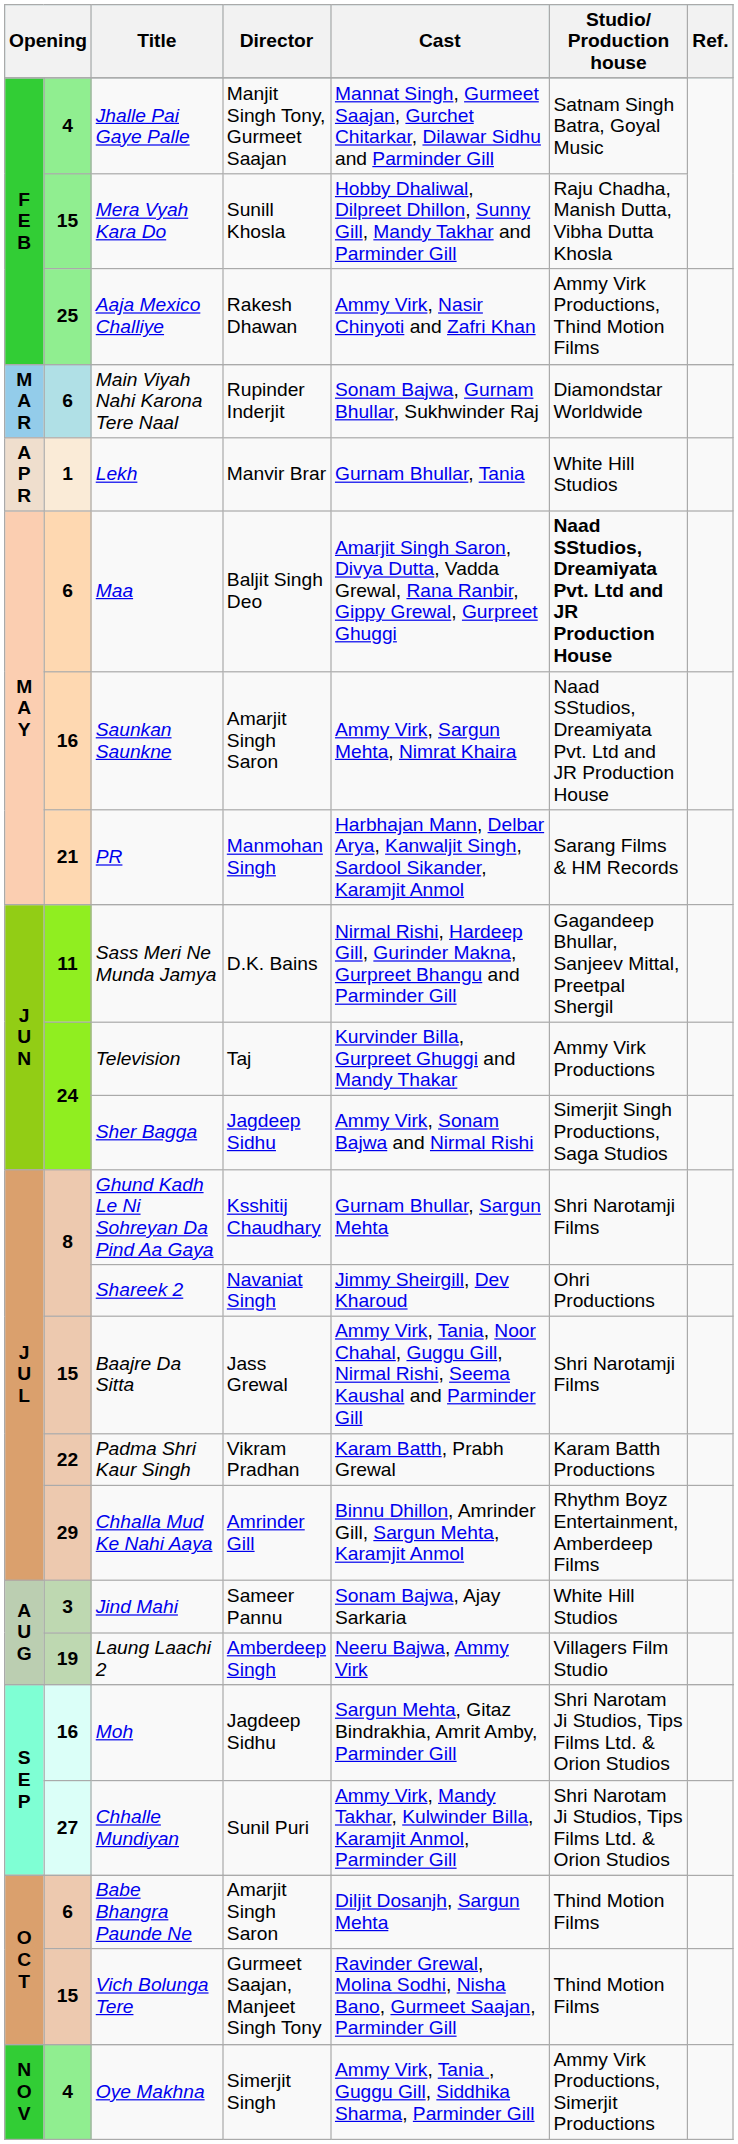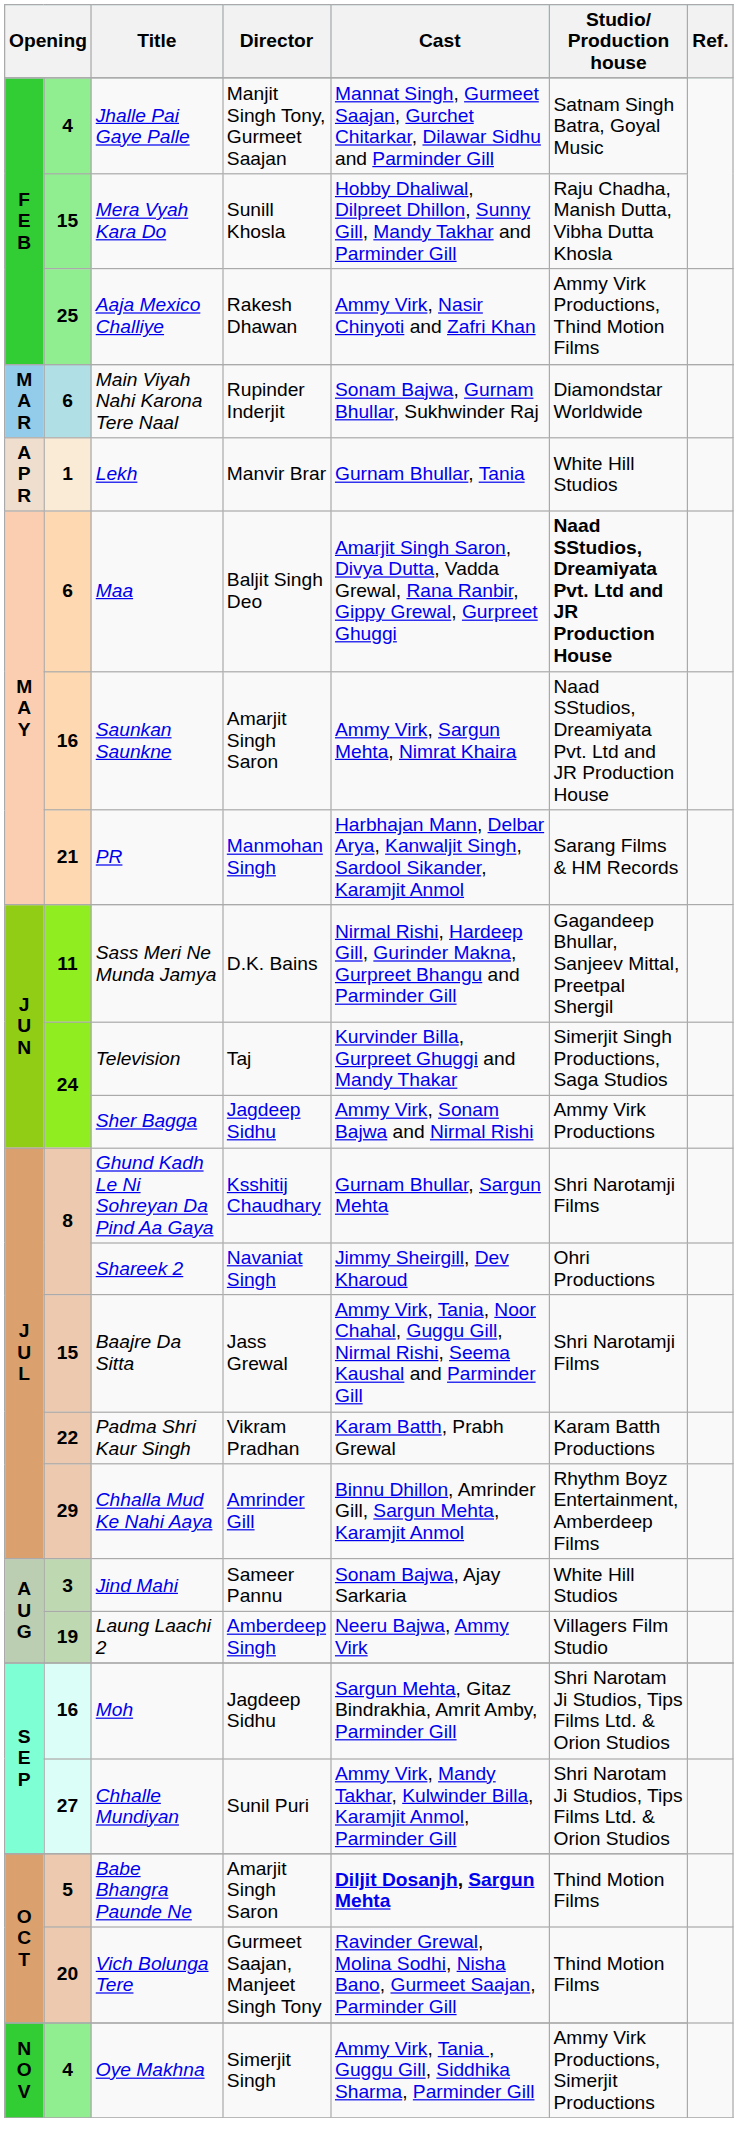 <table class="wikitable">
 <tr style="background:#b0e0e6; text-align:center;">
 <th colspan="2" style="width:6%;"><strong>Opening</strong></th>
 <th style="width:18%;"><strong>Title</strong></th>
 <th style="width:10.5%;"><strong>Director</strong></th>
 <th style="width:30%;"><strong>Cast</strong></th>
 <th>Studio/ Production house</th>
 <th>Ref.</th>
 </tr>
 <tr January>
 </tr>
 <tr>
 </tr>
 <tr February>
 <td rowspan="3" style="text-align:center; background:#32CD35; textcolor:#000;"><strong>F<br>E<br>B</strong></td>
 <td rowspan="1" style="text-align:center;background:#90EE90;"><strong>4</strong></td>
 <td><em><a href='#'>Jhalle Pai Gaye Palle</a></em></td>
 <td>Manjit Singh Tony, Gurmeet Saajan</td>
 <td><a href='#'>Mannat Singh</a>, <a href='#'>Gurmeet Saajan</a>, <a href='#'>Gurchet Chitarkar</a>, <a href='#'>Dilawar Sidhu</a> and <a href='#'>Parminder Gill</a></td>
 <td>Satnam Singh Batra, Goyal Music</td>
 </tr>
 <tr>
 <td rowspan="1" style="text-align:center;background:#90EE90;"><strong>15</strong></td>
 <td><em><a href='#'>Mera Vyah Kara Do </a></em></td>
 <td>Sunill Khosla</td>
 <td><a href='#'>Hobby Dhaliwal</a>, <a href='#'>Dilpreet Dhillon</a>, <a href='#'>Sunny Gill</a>, <a href='#'>Mandy Takhar</a> and <a href='#'>Parminder Gill</a></td>
 <td>Raju Chadha, Manish Dutta, Vibha Dutta Khosla</td>
 </tr>
 <tr>
 <td rowspan="1" style="text-align:center;background:#90EE90;"><strong>25</strong></td>
 <td><em><a href='#'>Aaja Mexico Challiye</a></em></td>
 <td>Rakesh Dhawan</td>
 <td><a href='#'>Ammy Virk</a>, <a href='#'>Nasir Chinyoti</a> and <a href='#'>Zafri Khan</a></td>
 <td>Ammy Virk Productions, Thind Motion Films</td>
 <td></td>
 </tr>
 <tr>
 </tr>
 <tr March>
 <td rowspan="1" style="text-align:center; background:#93CCEA; textcolor:#000;"><strong>M<br>A<br>R</strong></td>
 <td rowspan="1" style="text-align:center;background:#B0E0E6;"><strong>6</strong></td>
 <td><em>Main Viyah Nahi Karona Tere Naal</em></td>
 <td>Rupinder Inderjit</td>
 <td><a href='#'>Sonam Bajwa</a>, <a href='#'>Gurnam Bhullar</a>, Sukhwinder Raj</td>
 <td>Diamondstar Worldwide</td>
 <td></td>
 </tr>
 <tr April!>
 <td rowspan="1" style="text-align:center; background:#EFDECD; textcolor:#000;"><strong>A<br>P<br>R</strong></td>
 <td rowspan="1" style="text-align:center;background:#FAEBD7;"><strong>1</strong></td>
 <td><em><a href='#'>Lekh</a></em></td>
 <td>Manvir Brar</td>
 <td><a href='#'>Gurnam Bhullar</a>, <a href='#'>Tania</a></td>
 <td>White Hill Studios</td>
 <td></td>
 </tr>
 <tr May>
 <td rowspan="3" style="text-align:center; background:#FBCEB1; textcolor:#000;"><strong>M<br>A<br>Y</strong></td>
 <td rowspan="1" style="text-align:center;background:#FED8B1;"><strong>6</strong></td>
 <td><em><a href='#'>Maa</a></em></td>
 <td>Baljit Singh Deo</td>
 <td><a href='#'>Amarjit Singh Saron</a>, <a href='#'>Divya Dutta</a>, Vadda Grewal, <a href='#'>Rana Ranbir</a>, <a href='#'>Gippy Grewal</a>, <a href='#'>Gurpreet Ghuggi</a></td>
 <td><strong>Naad SStudios, Dreamiyata Pvt. Ltd and JR Production House</strong></td>
 <td></td>
 </tr>
 <tr>
 <td rowspan="1" style="text-align:center;background:#FED8B1;"><strong>16</strong></td>
 <td><em><a href='#'>Saunkan Saunkne</a></em></td>
 <td>Amarjit Singh Saron</td>
 <td><a href='#'>Ammy Virk</a>, <a href='#'>Sargun Mehta</a>, <a href='#'>Nimrat Khaira</a></td>
 <td>Naad SStudios, Dreamiyata Pvt. Ltd and JR Production House</td>
 <td></td>
 </tr>
 <tr>
 <td rowspan="1" style="text-align:center;background:#FED8B1;"><strong>21</strong></td>
 <td><em><a href='#'>PR</a></em></td>
 <td><a href='#'>Manmohan Singh</a></td>
 <td><a href='#'>Harbhajan Mann</a>, <a href='#'>Delbar Arya</a>, <a href='#'>Kanwaljit Singh</a>, <a href='#'>Sardool Sikander</a>, <a href='#'>Karamjit Anmol</a></td>
 <td>Sarang Films & HM Records</td>
 <td></td>
 </tr>
 <tr June>
 <td rowspan="4" style="text-align:center; background:#92CD15; textcolor:#000;"><strong>J<br>U<br>N</strong></td>
 </tr>
 <tr>
 <td rowspan="1" style="text-align:center;background:#90EE20;"><strong>11</strong></td>
 <td><em>Sass Meri Ne Munda Jamya</em></td>
 <td>D.K. Bains</td>
 <td><a href='#'>Nirmal Rishi</a>, <a href='#'>Hardeep Gill</a>, <a href='#'>Gurinder Makna</a>, <a href='#'>Gurpreet Bhangu</a> and <a href='#'>Parminder Gill</a></td>
 <td>Gagandeep Bhullar, Sanjeev Mittal, Preetpal Shergil</td>
 </tr>
 <tr>
 <td rowspan="2" style="text-align:center;background:#90EE20;"><strong>24</strong></td>
 <td><em>Television</em></td>
 <td>Taj</td>
 <td><a href='#'>Kurvinder Billa</a>, <a href='#'>Gurpreet Ghuggi</a> and <a href='#'>Mandy Thakar</a></td>
-<td>Ammy Virk Productions</td>
+<td>Simerjit Singh Productions, Saga Studios</td>
 <td></td>
 </tr>
 <tr>
 <td><em><a href='#'>Sher Bagga</a></em></td>
 <td><a href='#'>Jagdeep Sidhu</a></td>
 <td><a href='#'>Ammy Virk</a>, <a href='#'>Sonam Bajwa</a> and <a href='#'>Nirmal Rishi</a></td>
-<td>Simerjit Singh Productions, Saga Studios</td>
+<td>Ammy Virk Productions</td>
 <td></td>
 </tr>
 <tr July>
 <td rowspan="5" style="text-align:center; background:#DAA06D; textcolor:#000;"><strong>J<br>U<br>L</strong></td>
 <td rowspan="2" style="text-align:center;background:#EDC9AF;"><strong>8</strong></td>
 <td><em><a href='#'>Ghund Kadh Le Ni Sohreyan Da Pind Aa Gaya</a></em></td>
 <td><a href='#'>Ksshitij Chaudhary</a></td>
 <td><a href='#'>Gurnam Bhullar</a>, <a href='#'>Sargun Mehta</a></td>
 <td>Shri Narotamji Films</td>
 <td></td>
 </tr>
 <tr>
 <td><em><a href='#'>Shareek 2</a></em></td>
 <td><a href='#'>Navaniat Singh</a></td>
 <td><a href='#'>Jimmy Sheirgill</a>, <a href='#'>Dev Kharoud</a></td>
 <td>Ohri Productions</td>
 <td></td>
 </tr>
 <tr>
 <td rowspan="1" style="text-align:center;background:#EDC9AF;"><strong>15</strong></td>
 <td><em>Baajre Da Sitta</em></td>
 <td>Jass Grewal</td>
 <td><a href='#'>Ammy Virk</a>, <a href='#'>Tania</a>, <a href='#'>Noor Chahal</a>, <a href='#'>Guggu Gill</a>, <a href='#'>Nirmal Rishi</a>, <a href='#'>Seema Kaushal</a> and <a href='#'>Parminder Gill</a></td>
 <td>Shri Narotamji Films</td>
 <td></td>
 </tr>
 <tr>
 <td rowspan="1" style="text-align:center;background:#EDC9AF;"><strong>22</strong></td>
 <td><em>Padma Shri Kaur Singh</em></td>
 <td>Vikram Pradhan</td>
 <td><a href='#'>Karam Batth</a>, Prabh Grewal</td>
 <td>Karam Batth Productions</td>
 <td></td>
 </tr>
 <tr>
 <td rowspan="1" style="text-align:center;background:#EDC9AF;"><strong>29</strong></td>
 <td><em><a href='#'>Chhalla Mud Ke Nahi Aaya</a></em></td>
 <td><a href='#'>Amrinder Gill</a></td>
 <td><a href='#'>Binnu Dhillon</a>, Amrinder Gill, <a href='#'>Sargun Mehta</a>, <a href='#'>Karamjit Anmol</a></td>
 <td>Rhythm Boyz Entertainment, Amberdeep Films</td>
 <td></td>
 </tr>
 <tr August>
 <td rowspan="2" style="text-align:center; background:#BBCEB1; textcolor:#000;"><strong>A<br>U<br>G</strong></td>
 <td rowspan="1" style="text-align:center;background:#BED8B1;"><strong>3</strong></td>
 <td><em><a href='#'>Jind Mahi</a></em></td>
 <td>Sameer Pannu</td>
 <td><a href='#'>Sonam Bajwa</a>, Ajay Sarkaria</td>
 <td>White Hill Studios</td>
 <td></td>
 </tr>
 <tr>
 <td rowspan="1" style="text-align:center;background:#BED8B1;"><strong>19</strong></td>
 <td><em>Laung Laachi 2</em></td>
 <td><a href='#'>Amberdeep Singh</a></td>
 <td><a href='#'>Neeru Bajwa</a>, <a href='#'>Ammy Virk</a></td>
 <td>Villagers Film Studio</td>
 <td></td>
 </tr>
 <tr>
 </tr>
 <tr September>
 <td rowspan="2" style="text-align:center; background:#7FFFD4; textcolor:#000;"><strong>S<br>E<br>P</strong></td>
 <td rowspan="1" style="text-align:center;background:#dbfff8;"><strong>16</strong></td>
 <td><em><a href='#'>Moh</a></em></td>
 <td>Jagdeep Sidhu</td>
 <td><a href='#'>Sargun Mehta</a>, Gitaz Bindrakhia, Amrit Amby, <a href='#'>Parminder Gill</a></td>
 <td>Shri Narotam Ji Studios, Tips Films Ltd. & Orion Studios</td>
 <td></td>
 </tr>
 <tr>
 <td rowspan="1" style="text-align:center;background:#dbfff8;"><strong>27</strong></td>
 <td><em><a href='#'>Chhalle Mundiyan</a></em></td>
 <td>Sunil Puri</td>
 <td><a href='#'>Ammy Virk</a>, <a href='#'>Mandy Takhar</a>, <a href='#'>Kulwinder Billa</a>, <a href='#'>Karamjit Anmol</a>, <a href='#'>Parminder Gill</a></td>
 <td>Shri Narotam Ji Studios, Tips Films Ltd. & Orion Studios</td>
 </tr>
 <tr>
 </tr>
 <tr October>
 <td rowspan="2" style="text-align:center; background:#DAA06D; textcolor:#000;"><strong>O<br>C<br>T</strong></td>
-<td rowspan="1" style="text-align:center;background:#EDC9AF;"><strong>6</strong></td>
+<td rowspan="1" style="text-align:center;background:#EDC9AF;"><strong>5</strong></td>
 <td><em><a href='#'>Babe Bhangra Paunde Ne</a></em></td>
 <td>Amarjit Singh Saron</td>
-<td><a href='#'>Diljit Dosanjh</a>, <a href='#'>Sargun Mehta</a></td>
+<td><strong><a href='#'>Diljit Dosanjh</a>, <a href='#'>Sargun Mehta</a></strong></td>
 <td>Thind Motion Films</td>
 <td></td>
 </tr>
 <tr>
-<td rowspan="1" style="text-align:center;background:#EDC9AF;"><strong>15</strong></td>
+<td rowspan="1" style="text-align:center;background:#EDC9AF;"><strong>20</strong></td>
 <td><em><a href='#'>Vich Bolunga Tere</a></em></td>
 <td>Gurmeet Saajan, Manjeet Singh Tony</td>
 <td><a href='#'>Ravinder Grewal</a>, <a href='#'>Molina Sodhi</a>, <a href='#'>Nisha Bano</a>, <a href='#'>Gurmeet Saajan</a>, <a href='#'>Parminder Gill</a></td>
 <td>Thind Motion Films</td>
 </tr>
 <tr>
 </tr>
 <tr November>
 <td rowspan="1" style="text-align:center; background:#32CD35; textcolor:#000;"><strong>N<br>O<br>V</strong></td>
 <td rowspan="1" style="text-align:center;background:#90EE90;"><strong>4</strong></td>
 <td><em><a href='#'>Oye Makhna</a></em></td>
 <td>Simerjit Singh</td>
 <td><a href='#'>Ammy Virk</a>, <a href='#'>Tania </a>, <a href='#'>Guggu Gill</a>, <a href='#'>Siddhika Sharma</a>, <a href='#'>Parminder Gill</a></td>
 <td>Ammy Virk Productions, Simerjit Productions</td>
 <td></td>
 </tr>
 </table>
